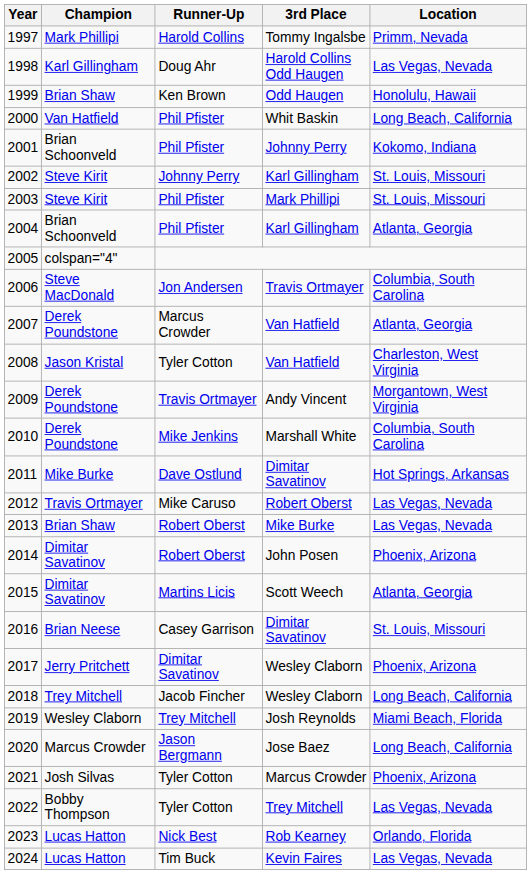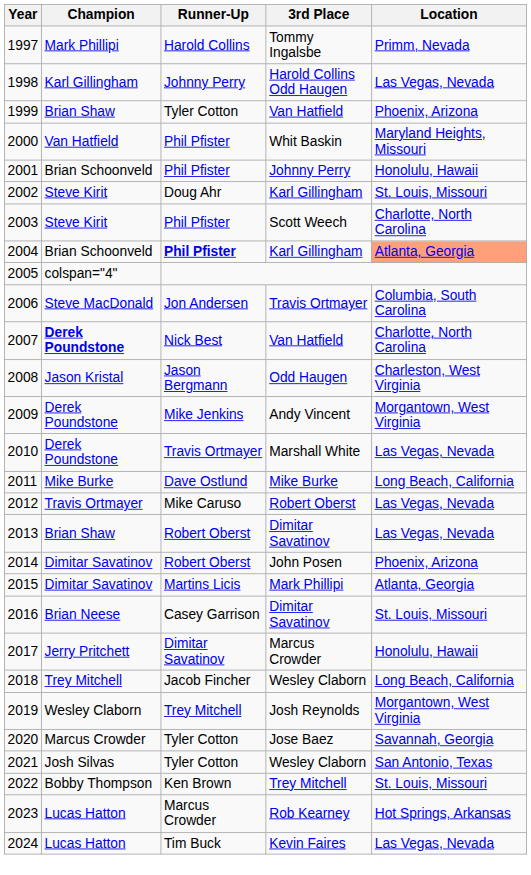 <table class="wikitable">
 <tr>
 <th>Year</th>
 <th>Champion</th>
 <th>Runner-Up</th>
 <th>3rd Place</th>
 <th>Location</th>
 </tr>
 <tr>
 <td>1997</td>
 <td> <a href='#'>Mark Phillipi</a></td>
 <td> <a href='#'>Harold Collins</a></td>
 <td> Tommy Ingalsbe</td>
 <td><a href='#'>Primm, Nevada</a></td>
 </tr>
 <tr>
 <td>1998</td>
 <td> <a href='#'>Karl Gillingham</a></td>
-<td> Doug Ahr</td>
+<td> <a href='#'>Johnny Perry</a></td>
 <td> <a href='#'>Harold Collins</a><br> <a href='#'>Odd Haugen</a></td>
 <td><a href='#'>Las Vegas, Nevada</a></td>
 </tr>
 <tr>
 <td>1999</td>
 <td> <a href='#'>Brian Shaw</a></td>
-<td> Ken Brown</td>
-<td> <a href='#'>Odd Haugen</a></td>
-<td><a href='#'>Honolulu, Hawaii</a></td>
+<td> Tyler Cotton</td>
+<td> <a href='#'>Van Hatfield</a></td>
+<td><a href='#'>Phoenix, Arizona</a></td>
 </tr>
 <tr>
 <td>2000</td>
 <td> <a href='#'>Van Hatfield</a></td>
 <td> <a href='#'>Phil Pfister</a></td>
 <td> Whit Baskin</td>
-<td><a href='#'>Long Beach, California</a></td>
+<td><a href='#'>Maryland Heights, Missouri</a></td>
 </tr>
 <tr>
 <td>2001</td>
 <td> Brian Schoonveld</td>
 <td> <a href='#'>Phil Pfister</a></td>
 <td> <a href='#'>Johnny Perry</a></td>
-<td><a href='#'>Kokomo, Indiana</a></td>
+<td><a href='#'>Honolulu, Hawaii</a></td>
 </tr>
 <tr>
 <td>2002</td>
 <td> <a href='#'>Steve Kirit</a></td>
-<td> <a href='#'>Johnny Perry</a></td>
+<td> Doug Ahr</td>
 <td> <a href='#'>Karl Gillingham</a></td>
 <td><a href='#'>St. Louis, Missouri</a></td>
 </tr>
 <tr>
 <td>2003</td>
 <td> <a href='#'>Steve Kirit</a></td>
 <td> <a href='#'>Phil Pfister</a></td>
-<td> <a href='#'>Mark Phillipi</a></td>
-<td><a href='#'>St. Louis, Missouri</a></td>
+<td> Scott Weech</td>
+<td><a href='#'>Charlotte, North Carolina</a></td>
 </tr>
 <tr>
 <td>2004</td>
 <td> Brian Schoonveld</td>
-<td> <a href='#'>Phil Pfister</a></td>
+<td><strong> <a href='#'>Phil Pfister</a></strong></td>
 <td> <a href='#'>Karl Gillingham</a></td>
-<td><a href='#'>Atlanta, Georgia</a></td>
+<td style="background: lightsalmon;"><a href='#'>Atlanta, Georgia</a></td>
 </tr>
 <tr>
 <td>2005</td>
 <td>colspan="4" </td>
 </tr>
 <tr>
 <td>2006</td>
 <td> <a href='#'>Steve MacDonald</a></td>
 <td> <a href='#'>Jon Andersen</a></td>
 <td> <a href='#'>Travis Ortmayer</a></td>
 <td><a href='#'>Columbia, South Carolina</a></td>
 </tr>
 <tr>
 <td>2007</td>
-<td> <a href='#'>Derek Poundstone</a></td>
-<td> Marcus Crowder</td>
+<td><strong> <a href='#'>Derek Poundstone</a></strong></td>
+<td> <a href='#'>Nick Best</a></td>
 <td> <a href='#'>Van Hatfield</a></td>
-<td><a href='#'>Atlanta, Georgia</a></td>
+<td><a href='#'>Charlotte, North Carolina</a></td>
 </tr>
 <tr>
 <td>2008</td>
 <td> <a href='#'>Jason Kristal</a></td>
-<td> Tyler Cotton</td>
-<td> <a href='#'>Van Hatfield</a></td>
+<td> <a href='#'>Jason Bergmann</a></td>
+<td> <a href='#'>Odd Haugen</a></td>
 <td><a href='#'>Charleston, West Virginia</a></td>
 </tr>
 <tr>
 <td>2009</td>
 <td> <a href='#'>Derek Poundstone</a></td>
-<td> <a href='#'>Travis Ortmayer</a></td>
+<td> <a href='#'>Mike Jenkins</a></td>
 <td> Andy Vincent</td>
 <td><a href='#'>Morgantown, West Virginia</a></td>
 </tr>
 <tr>
 <td>2010</td>
 <td> <a href='#'>Derek Poundstone</a></td>
-<td> <a href='#'>Mike Jenkins</a></td>
+<td> <a href='#'>Travis Ortmayer</a></td>
 <td> Marshall White</td>
-<td><a href='#'>Columbia, South Carolina</a></td>
+<td><a href='#'>Las Vegas, Nevada</a></td>
 </tr>
 <tr>
 <td>2011</td>
 <td> <a href='#'>Mike Burke</a></td>
 <td> <a href='#'>Dave Ostlund</a></td>
-<td> <a href='#'>Dimitar Savatinov</a></td>
-<td><a href='#'>Hot Springs, Arkansas</a></td>
+<td> <a href='#'>Mike Burke</a></td>
+<td><a href='#'>Long Beach, California</a></td>
 </tr>
 <tr>
 <td>2012</td>
 <td> <a href='#'>Travis Ortmayer</a></td>
 <td> Mike Caruso</td>
 <td> <a href='#'>Robert Oberst</a></td>
 <td><a href='#'>Las Vegas, Nevada</a></td>
 </tr>
 <tr>
 <td>2013</td>
 <td> <a href='#'>Brian Shaw</a></td>
 <td> <a href='#'>Robert Oberst</a></td>
-<td> <a href='#'>Mike Burke</a></td>
+<td> <a href='#'>Dimitar Savatinov</a></td>
 <td><a href='#'>Las Vegas, Nevada</a></td>
 </tr>
 <tr>
 <td>2014</td>
 <td> <a href='#'>Dimitar Savatinov</a></td>
 <td> <a href='#'>Robert Oberst</a></td>
 <td> John Posen</td>
 <td><a href='#'>Phoenix, Arizona</a></td>
 </tr>
 <tr>
 <td>2015</td>
 <td> <a href='#'>Dimitar Savatinov</a></td>
 <td> <a href='#'>Martins Licis</a></td>
-<td> Scott Weech</td>
+<td> <a href='#'>Mark Phillipi</a></td>
 <td><a href='#'>Atlanta, Georgia</a></td>
 </tr>
 <tr>
 <td>2016</td>
 <td> <a href='#'>Brian Neese</a></td>
 <td> Casey Garrison</td>
 <td> <a href='#'>Dimitar Savatinov</a></td>
 <td><a href='#'>St. Louis, Missouri</a></td>
 </tr>
 <tr>
 <td>2017</td>
 <td> <a href='#'>Jerry Pritchett</a></td>
 <td> <a href='#'>Dimitar Savatinov</a></td>
-<td> Wesley Claborn</td>
-<td><a href='#'>Phoenix, Arizona</a></td>
+<td> Marcus Crowder</td>
+<td><a href='#'>Honolulu, Hawaii</a></td>
 </tr>
 <tr>
 <td>2018</td>
 <td> <a href='#'>Trey Mitchell</a></td>
 <td> Jacob Fincher</td>
 <td> Wesley Claborn</td>
 <td><a href='#'>Long Beach, California</a></td>
 </tr>
 <tr>
 <td>2019</td>
 <td> Wesley Claborn</td>
 <td> <a href='#'>Trey Mitchell</a></td>
 <td> Josh Reynolds</td>
-<td><a href='#'>Miami Beach, Florida</a></td>
+<td><a href='#'>Morgantown, West Virginia</a></td>
 </tr>
 <tr>
 <td>2020</td>
 <td> Marcus Crowder</td>
-<td> <a href='#'>Jason Bergmann</a></td>
+<td> Tyler Cotton</td>
 <td> Jose Baez</td>
-<td><a href='#'>Long Beach, California</a></td>
+<td><a href='#'>Savannah, Georgia</a></td>
 </tr>
 <tr>
 <td>2021</td>
 <td> Josh Silvas</td>
 <td> Tyler Cotton</td>
-<td> Marcus Crowder</td>
-<td><a href='#'>Phoenix, Arizona</a></td>
+<td> Wesley Claborn</td>
+<td><a href='#'>San Antonio, Texas</a></td>
 </tr>
 <tr>
 <td>2022</td>
 <td> Bobby Thompson</td>
-<td> Tyler Cotton</td>
+<td> Ken Brown</td>
 <td> <a href='#'>Trey Mitchell</a></td>
-<td><a href='#'>Las Vegas, Nevada</a></td>
+<td><a href='#'>St. Louis, Missouri</a></td>
 </tr>
 <tr>
 <td>2023</td>
 <td> <a href='#'>Lucas Hatton</a></td>
-<td> <a href='#'>Nick Best</a></td>
+<td> Marcus Crowder</td>
 <td> <a href='#'>Rob Kearney</a></td>
-<td><a href='#'>Orlando, Florida</a></td>
+<td><a href='#'>Hot Springs, Arkansas</a></td>
 </tr>
 <tr>
 <td>2024</td>
 <td> <a href='#'>Lucas Hatton</a></td>
 <td> Tim Buck</td>
 <td> <a href='#'>Kevin Faires</a></td>
 <td><a href='#'>Las Vegas, Nevada</a></td>
 </tr>
 </table>
